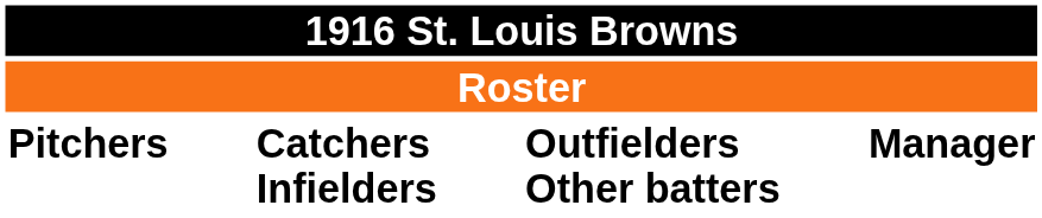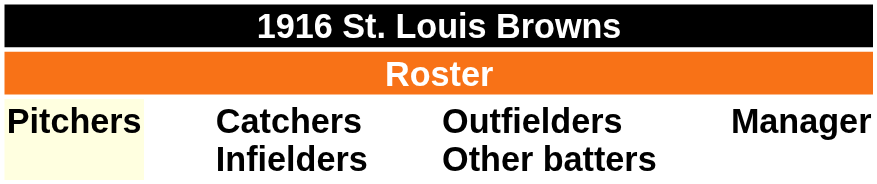 <table class="toccolours" style="font-size: 95%;">
 <tr>
 <th colspan="10" style="background-color: black; color: white; text-align: center;">1916 St. Louis Browns</th>
 </tr>
 <tr>
 <td colspan="10" style="background-color: #F87217; color: white; text-align: center;"><strong>Roster</strong></td>
 </tr>
 <tr>
-<td valign="top"><strong>Pitchers</strong><br>          </td>
+<td valign="top" style="background: lightyellow;"><strong>Pitchers</strong><br>          </td>
 <td width="25px"></td>
 <td valign="top"><strong>Catchers</strong><br>      <strong>Infielders</strong>        </td>
 <td width="25px"></td>
 <td valign="top"><strong>Outfielders</strong><br>     <strong>Other batters</strong>  </td>
 <td width="25px"></td>
 <td valign="top"><strong>Manager</strong><br></td>
 </tr>
 <tr>
 </tr>
 </table>
